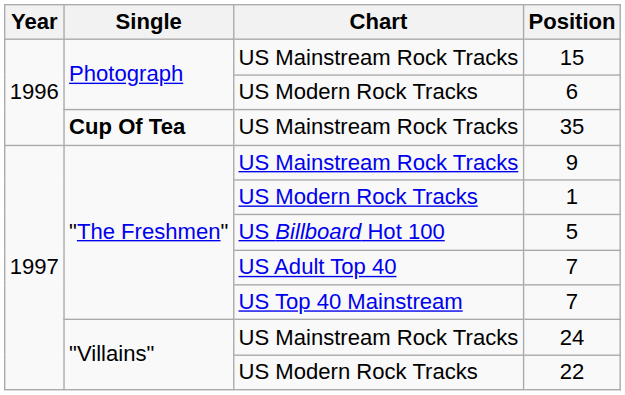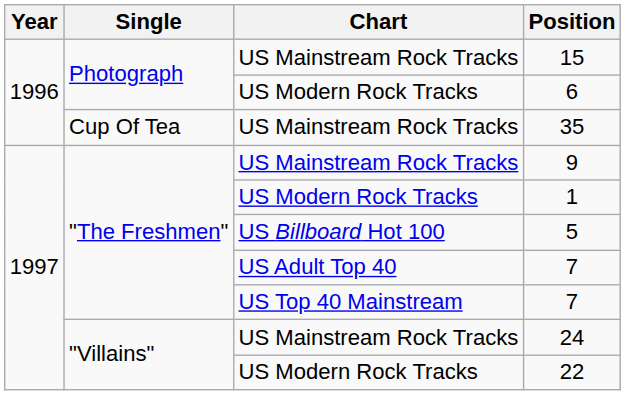 <table class="wikitable">
 <tr>
 <th>Year</th>
 <th>Single</th>
 <th>Chart</th>
 <th>Position</th>
 </tr>
 <tr>
 <td rowspan="3">1996</td>
 <td rowspan="2"><a href='#'>Photograph</a></td>
 <td>US Mainstream Rock Tracks</td>
 <td align="center">15</td>
 </tr>
 <tr>
 <td>US Modern Rock Tracks</td>
 <td align="center">6</td>
 </tr>
 <tr>
-<td rowspan="1"><strong>Cup Of Tea</strong></td>
+<td rowspan="1">Cup Of Tea</td>
 <td>US Mainstream Rock Tracks</td>
 <td align="center">35</td>
 </tr>
 <tr>
 <td rowspan="8">1997</td>
 <td rowspan="5">"<a href='#'>The Freshmen</a>"</td>
 <td><a href='#'>US Mainstream Rock Tracks</a></td>
 <td align="center">9</td>
 </tr>
 <tr>
 <td><a href='#'>US Modern Rock Tracks</a></td>
 <td align="center">1</td>
 </tr>
 <tr>
 <td><a href='#'>US <em>Billboard</em> Hot 100</a></td>
 <td align="center">5</td>
 </tr>
 <tr>
 <td><a href='#'>US Adult Top 40</a></td>
 <td align="center">7</td>
 </tr>
 <tr>
 <td><a href='#'>US Top 40 Mainstream</a></td>
 <td align="center">7</td>
 </tr>
 <tr>
 <td rowspan="2">"Villains"</td>
 <td>US Mainstream Rock Tracks</td>
 <td align="center">24</td>
 </tr>
 <tr>
 <td>US Modern Rock Tracks</td>
 <td align="center">22</td>
 </tr>
 </table>
